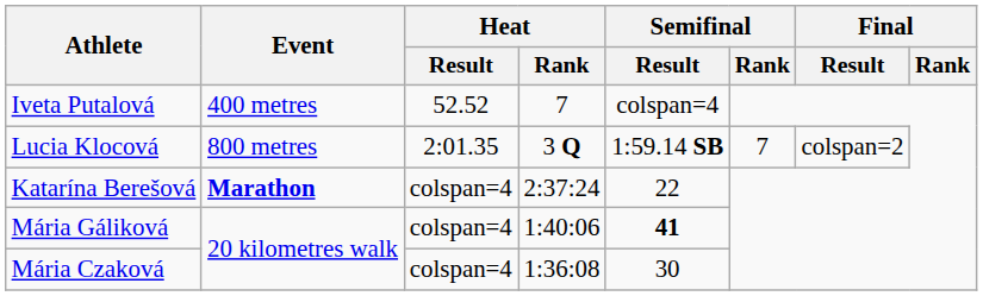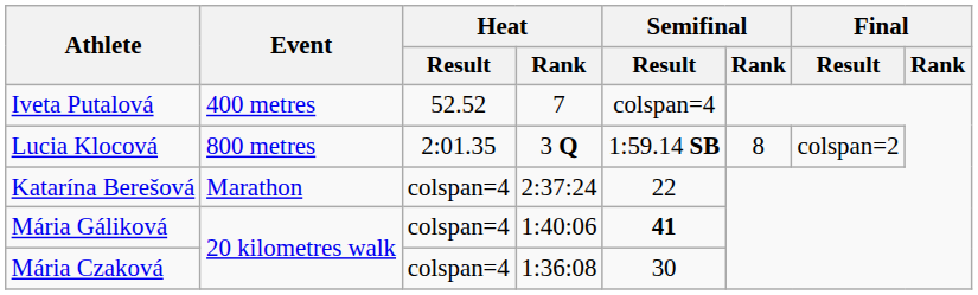 <table class="wikitable" style="font-size:90%">
 <tr>
 <th rowspan="2">Athlete</th>
 <th rowspan="2">Event</th>
 <th colspan="2">Heat</th>
 <th colspan="2">Semifinal</th>
 <th colspan="2">Final</th>
 </tr>
 <tr style="font-size:95%">
 <th>Result</th>
 <th>Rank</th>
 <th>Result</th>
 <th>Rank</th>
 <th>Result</th>
 <th>Rank</th>
 </tr>
 <tr style=text-align:center>
 <td style=text-align:left><a href='#'>Iveta Putalová</a></td>
 <td style=text-align:left><a href='#'>400 metres</a></td>
 <td>52.52</td>
 <td>7</td>
 <td>colspan=4 </td>
 </tr>
 <tr style=text-align:center>
 <td style=text-align:left><a href='#'>Lucia Klocová</a></td>
 <td style=text-align:left><a href='#'>800 metres</a></td>
 <td>2:01.35</td>
 <td>3 <strong>Q</strong></td>
 <td>1:59.14 <strong>SB</strong></td>
-<td>7</td>
+<td>8</td>
 <td>colspan=2 </td>
 </tr>
 <tr style=text-align:center>
 <td style=text-align:left><a href='#'>Katarína Berešová</a></td>
-<td style=text-align:left><strong><a href='#'>Marathon</a></strong></td>
+<td style=text-align:left><a href='#'>Marathon</a></td>
 <td>colspan=4 </td>
 <td>2:37:24</td>
 <td>22</td>
 </tr>
 <tr style=text-align:center>
 <td style=text-align:left><a href='#'>Mária Gáliková</a></td>
 <td style=text-align:left rowspan=2><a href='#'>20 kilometres walk</a></td>
 <td>colspan=4 </td>
 <td>1:40:06</td>
 <td><strong>41</strong></td>
 </tr>
 <tr style=text-align:center>
 <td style=text-align:left><a href='#'>Mária Czaková</a></td>
 <td>colspan=4 </td>
 <td>1:36:08</td>
 <td>30</td>
 </tr>
 </table>
